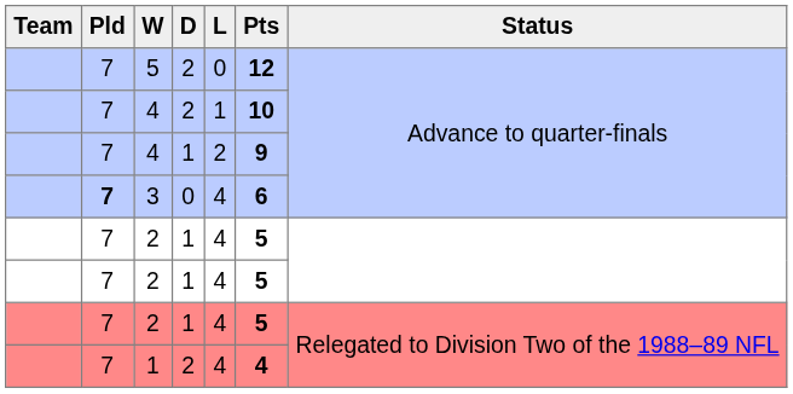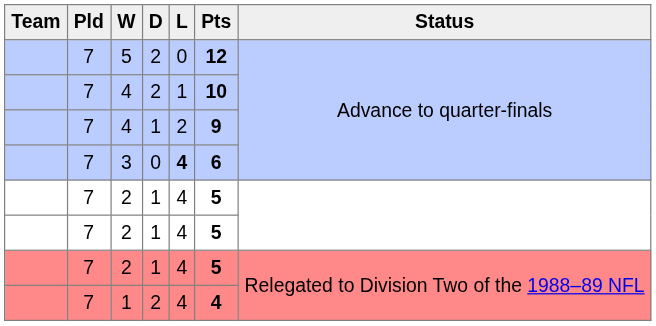 <table style=border-collapse:collapse border=1 cellspacing=0 cellpadding=5>
 <tr align=center bgcolor=#efefef>
 <th>Team</th>
 <th>Pld</th>
 <th>W</th>
 <th>D</th>
 <th>L</th>
 <th>Pts</th>
 <th>Status</th>
 </tr>
 <tr align=center style="background:#bbccff;">
 <td style="text-align:left;"> </td>
 <td>7</td>
 <td>5</td>
 <td>2</td>
 <td>0</td>
 <td><strong>12</strong></td>
 <td rowspan=4>Advance to quarter-finals</td>
 </tr>
 <tr align=center style="background:#bbccff;">
 <td style="text-align:left;"> </td>
 <td>7</td>
 <td>4</td>
 <td>2</td>
 <td>1</td>
 <td><strong>10</strong></td>
 </tr>
 <tr align=center style="background:#bbccff;">
 <td style="text-align:left;"> </td>
 <td>7</td>
 <td>4</td>
 <td>1</td>
 <td>2</td>
 <td><strong>9</strong></td>
 </tr>
 <tr align=center style="background:#bbccff;">
 <td style="text-align:left;"> </td>
-<td><strong>7</strong></td>
+<td>7</td>
 <td>3</td>
 <td>0</td>
-<td>4</td>
+<td><strong>4</strong></td>
 <td><strong>6</strong></td>
 </tr>
 <tr align=center style="background:#FFFFFF;">
 <td style="text-align:left;"> </td>
 <td>7</td>
 <td>2</td>
 <td>1</td>
 <td>4</td>
 <td><strong>5</strong></td>
 <td rowspan=2></td>
 </tr>
 <tr align=center style="background:#FFFFFF;">
 <td style="text-align:left;"> </td>
 <td>7</td>
 <td>2</td>
 <td>1</td>
 <td>4</td>
 <td><strong>5</strong></td>
 </tr>
 <tr align=center style="background:#FF8888;">
 <td style="text-align:left;"> </td>
 <td>7</td>
 <td>2</td>
 <td>1</td>
 <td>4</td>
 <td><strong>5</strong></td>
 <td rowspan=2>Relegated to Division Two of the <a href='#'>1988–89 NFL</a></td>
 </tr>
 <tr align=center style="background:#FF8888;">
 <td style="text-align:left;"> </td>
 <td>7</td>
 <td>1</td>
 <td>2</td>
 <td>4</td>
 <td><strong>4</strong></td>
 </tr>
 </table>
